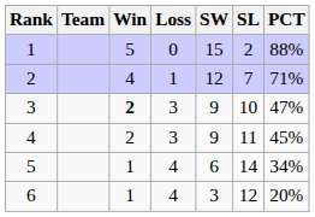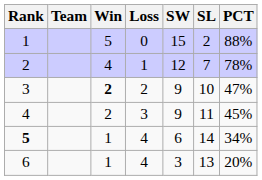 <table class="wikitable" align="center"|>
 <tr>
 <th>Rank</th>
 <th>Team</th>
 <th>Win</th>
 <th>Loss</th>
 <th>SW</th>
 <th>SL</th>
 <th>PCT</th>
 </tr>
 <tr align="center" bgcolor=#CCCCFF>
 <td>1</td>
 <td align="left"></td>
 <td>5</td>
 <td>0</td>
 <td>15</td>
 <td>2</td>
 <td>88%</td>
 </tr>
 <tr align="center" bgcolor=#CCCCFF>
 <td>2</td>
 <td align="left"></td>
 <td>4</td>
 <td>1</td>
 <td>12</td>
 <td>7</td>
-<td>71%</td>
+<td>78%</td>
 </tr>
 <tr align="center">
 <td>3</td>
 <td align="left"></td>
 <td><strong>2</strong></td>
-<td>3</td>
+<td>2</td>
 <td>9</td>
 <td>10</td>
 <td>47%</td>
 </tr>
 <tr align="center">
 <td>4</td>
 <td align="left"></td>
 <td>2</td>
 <td>3</td>
 <td>9</td>
 <td>11</td>
 <td>45%</td>
 </tr>
 <tr align="center">
-<td>5</td>
+<td><strong>5</strong></td>
 <td align="left"></td>
 <td>1</td>
 <td>4</td>
 <td>6</td>
 <td>14</td>
 <td>34%</td>
 </tr>
 <tr align="center">
 <td>6</td>
 <td align="left"></td>
 <td>1</td>
 <td>4</td>
 <td>3</td>
-<td>12</td>
+<td>13</td>
 <td>20%</td>
 </tr>
 </table>
